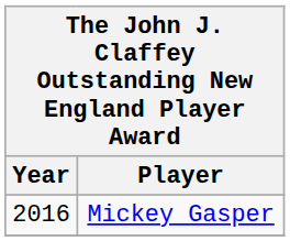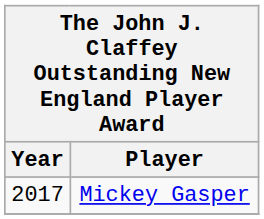 <table class="wikitable" style="display: inline-table; margin-right: 20px; text-align:center">
 <tr>
 <th scope="col" colspan="2" style="width: 145px;">The John J. Claffey Outstanding New England Player Award</th>
 </tr>
 <tr>
 <th scope="col">Year</th>
 <th scope="col">Player</th>
 </tr>
 <tr>
-<td>2016</td>
+<td>2017</td>
 <td><a href='#'>Mickey Gasper</a></td>
 </tr>
 <tr>
 </tr>
 </table>
